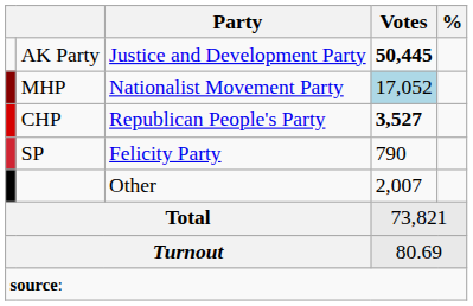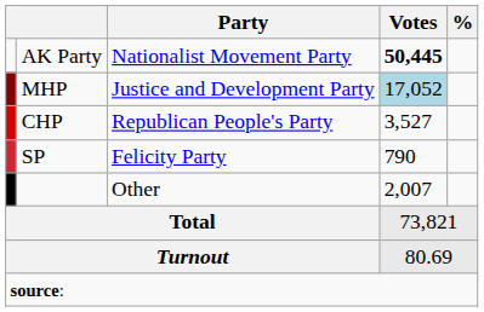 <table class="wikitable">
 <tr>
 <th colspan="2" align="center"></th>
 <th align="center">Party</th>
 <th align="center">Votes</th>
 <th align="center">%</th>
 </tr>
 <tr align="left">
 <td></td>
 <td>AK Party</td>
-<td><a href='#'>Justice and Development Party</a></td>
+<td><a href='#'>Nationalist Movement Party</a></td>
 <td><strong>50,445</strong></td>
 <td><strong></strong></td>
 </tr>
 <tr align="left">
 <td bgcolor="#870000" width="1"></td>
 <td>MHP</td>
-<td><a href='#'>Nationalist Movement Party</a></td>
+<td><a href='#'>Justice and Development Party</a></td>
 <td style="background: lightblue;">17,052</td>
 <td></td>
 </tr>
 <tr align="left">
 <td bgcolor="#d50000" width="1"></td>
 <td>CHP</td>
 <td><a href='#'>Republican People's Party</a></td>
-<td><strong>3,527</strong></td>
+<td>3,527</td>
 <td></td>
 </tr>
 <tr align="left">
 <td bgcolor="#D02433" width="1"></td>
 <td>SP</td>
 <td><a href='#'>Felicity Party</a></td>
 <td>790</td>
 <td></td>
 </tr>
 <tr align="left">
 <td bgcolor=" " width="1"></td>
 <td></td>
 <td>Other</td>
 <td>2,007</td>
 <td></td>
 </tr>
 <tr align="left" style="background-color:#E9E9E9">
 <th colspan="3" align="center"><strong>Total</strong></th>
 <td colspan="5" align="center">73,821</td>
 </tr>
 <tr align="left" style="background-color:#E9E9E9">
 <th colspan="3" align="center"><em>Turnout</em></th>
 <td colspan="5" align="center">80.69</td>
 </tr>
 <tr>
 <td colspan="9" align="left"><small><strong>source</strong>: </small></td>
 </tr>
 </table>
